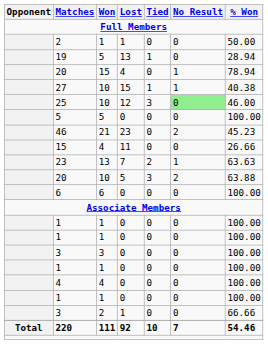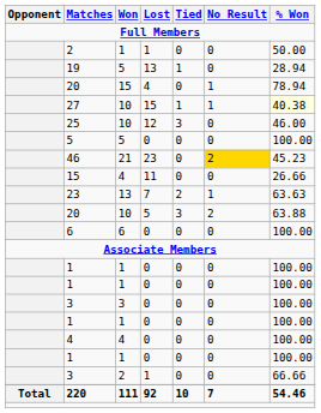 <table class="wikitable plainrowheaders sortable">
 <tr>
 <th scope="col">Opponent</th>
 <th scope="col"><a href='#'>Matches</a></th>
 <th scope="col"><a href='#'>Won</a></th>
 <th scope="col"><a href='#'>Lost</a></th>
 <th scope="col"><a href='#'>Tied</a></th>
 <th scope="col"><a href='#'>No Result</a></th>
 <th scope="col"><a href='#'>% Won</a></th>
 </tr>
 <tr>
 <td style="text-align: center;" colspan="9"><strong><a href='#'>Full Members</a></strong></td>
 </tr>
 <tr>
 <th scope=row></th>
 <td>2</td>
 <td>1</td>
 <td>1</td>
 <td>0</td>
 <td>0</td>
 <td>50.00</td>
 </tr>
 <tr>
 <th scope=row></th>
 <td>19</td>
 <td>5</td>
 <td>13</td>
 <td>1</td>
 <td>0</td>
 <td>28.94</td>
 </tr>
 <tr>
 <th scope=row></th>
 <td>20</td>
 <td>15</td>
 <td>4</td>
 <td>0</td>
 <td>1</td>
 <td>78.94</td>
 </tr>
 <tr>
 <th scope=row></th>
 <td>27</td>
 <td>10</td>
 <td>15</td>
 <td>1</td>
 <td>1</td>
-<td>40.38</td>
+<td style="background: lightyellow;">40.38</td>
 </tr>
 <tr>
 <th scope=row></th>
 <td>25</td>
 <td>10</td>
 <td>12</td>
 <td>3</td>
-<td style="background: lightgreen;">0</td>
+<td>0</td>
 <td>46.00</td>
 </tr>
 <tr>
 <th scope=row></th>
 <td>5</td>
 <td>5</td>
 <td>0</td>
 <td>0</td>
 <td>0</td>
 <td>100.00</td>
 </tr>
 <tr>
 <th scope=row></th>
 <td>46</td>
 <td>21</td>
 <td>23</td>
 <td>0</td>
-<td>2</td>
+<td style="background: gold;">2</td>
 <td>45.23</td>
 </tr>
 <tr>
 <th scope=row></th>
 <td>15</td>
 <td>4</td>
 <td>11</td>
 <td>0</td>
 <td>0</td>
 <td>26.66</td>
 </tr>
 <tr>
 <th scope=row></th>
 <td>23</td>
 <td>13</td>
 <td>7</td>
 <td>2</td>
 <td>1</td>
 <td>63.63</td>
 </tr>
 <tr>
 <th scope=row></th>
 <td>20</td>
 <td>10</td>
 <td>5</td>
 <td>3</td>
 <td>2</td>
 <td>63.88</td>
 </tr>
 <tr>
 <th scope=row></th>
 <td>6</td>
 <td>6</td>
 <td>0</td>
 <td>0</td>
 <td>0</td>
 <td>100.00</td>
 </tr>
 <tr>
 <td colspan="10" style="text-align: center;"><strong><a href='#'>Associate Members</a></strong></td>
 </tr>
 <tr>
 <th scope=row></th>
 <td>1</td>
 <td>1</td>
 <td>0</td>
 <td>0</td>
 <td>0</td>
 <td>100.00</td>
 </tr>
 <tr>
 <th scope=row></th>
 <td>1</td>
 <td>1</td>
 <td>0</td>
 <td>0</td>
 <td>0</td>
 <td>100.00</td>
 </tr>
 <tr>
 <th scope=row></th>
 <td>3</td>
 <td>3</td>
 <td>0</td>
 <td>0</td>
 <td>0</td>
 <td>100.00</td>
 </tr>
 <tr>
 <th scope=row></th>
 <td>1</td>
 <td>1</td>
 <td>0</td>
 <td>0</td>
 <td>0</td>
 <td>100.00</td>
 </tr>
 <tr>
 <th scope=row></th>
 <td>4</td>
 <td>4</td>
 <td>0</td>
 <td>0</td>
 <td>0</td>
 <td>100.00</td>
 </tr>
 <tr>
 <th scope=row></th>
 <td>1</td>
 <td>1</td>
 <td>0</td>
 <td>0</td>
 <td>0</td>
 <td>100.00</td>
 </tr>
 <tr>
 <th scope=row></th>
 <td>3</td>
 <td>2</td>
 <td>1</td>
 <td>0</td>
 <td>0</td>
 <td>66.66</td>
 </tr>
 <tr>
 </tr>
 <tr class="sortbottom">
 <th scope="row" style="text-align:center"><strong>Total</strong></th>
 <td><strong>220</strong></td>
 <td><strong>111</strong></td>
 <td><strong>92</strong></td>
 <td><strong>10</strong></td>
 <td><strong>7</strong></td>
 <td><strong>54.46</strong></td>
 </tr>
 <tr>
 <td colspan=10></td>
 </tr>
 </table>
